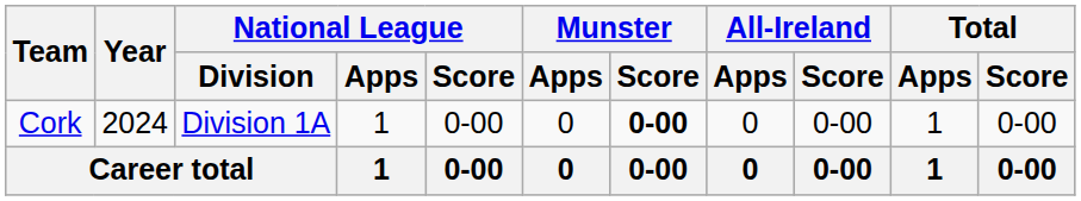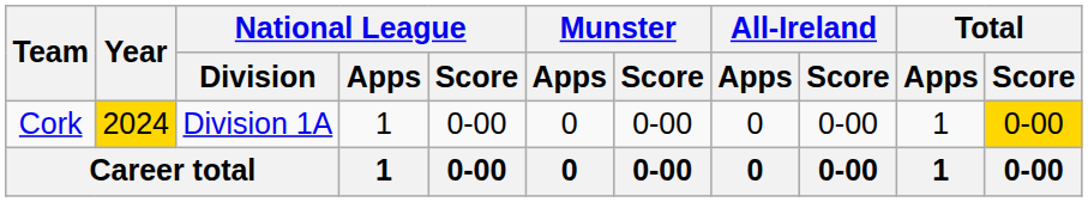 <table class="wikitable" style="text-align:center">
 <tr>
 <th rowspan="2">Team</th>
 <th rowspan="2">Year</th>
 <th colspan="3"><a href='#'>National League</a></th>
 <th colspan="2"><a href='#'>Munster</a></th>
 <th colspan="2"><a href='#'>All-Ireland</a></th>
 <th colspan="2">Total</th>
 </tr>
 <tr>
 <th>Division</th>
 <th>Apps</th>
 <th>Score</th>
 <th>Apps</th>
 <th>Score</th>
 <th>Apps</th>
 <th>Score</th>
 <th>Apps</th>
 <th>Score</th>
 </tr>
 <tr>
 <td rowspan="1"><a href='#'>Cork</a></td>
-<td>2024</td>
+<td style="background: gold;">2024</td>
 <td rowspan="1"><a href='#'>Division 1A</a></td>
 <td>1</td>
 <td>0-00</td>
 <td>0</td>
-<td><strong>0-00</strong></td>
+<td>0-00</td>
 <td>0</td>
 <td>0-00</td>
 <td>1</td>
-<td>0-00</td>
+<td style="background: gold;">0-00</td>
 </tr>
 <tr>
 <th colspan="3">Career total</th>
 <th>1</th>
 <th>0-00</th>
 <th>0</th>
 <th>0-00</th>
 <th>0</th>
 <th>0-00</th>
 <th>1</th>
 <th>0-00</th>
 </tr>
 </table>
